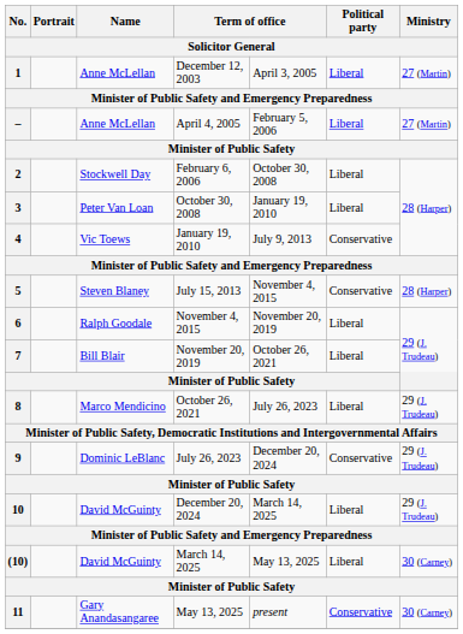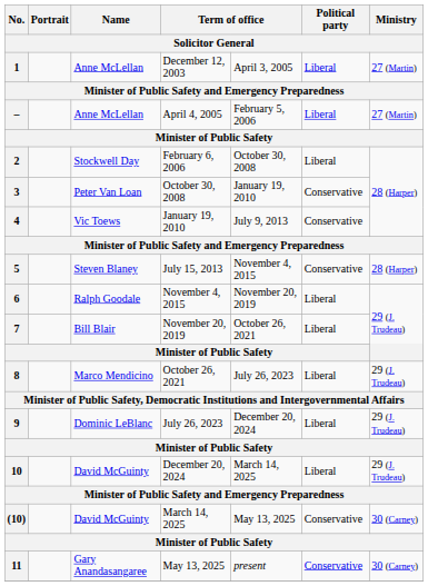 <table class="wikitable">
 <tr>
 <th>No.</th>
 <th>Portrait</th>
 <th>Name</th>
 <th colspan=2>Term of office</th>
 <th>Political party</th>
 <th>Ministry</th>
 </tr>
 <tr>
 <th colspan=7>Solicitor General</th>
 </tr>
 <tr>
 <th style="background:">1</th>
 <td></td>
 <td><a href='#'>Anne McLellan</a></td>
 <td>December 12, 2003</td>
 <td>April 3, 2005</td>
 <td><a href='#'>Liberal</a></td>
 <td><a href='#'>27</a> <small>(<a href='#'>Martin</a>)</small></td>
 </tr>
 <tr>
 <th colspan=7>Minister of Public Safety and Emergency Preparedness</th>
 </tr>
 <tr>
 <th style="background:">–</th>
 <td></td>
 <td><a href='#'>Anne McLellan</a></td>
 <td>April 4, 2005</td>
 <td>February 5, 2006</td>
 <td><a href='#'>Liberal</a></td>
 <td><a href='#'>27</a> <small>(<a href='#'>Martin</a>)</small></td>
 </tr>
 <tr>
 <th colspan=7>Minister of Public Safety</th>
 </tr>
 <tr>
 <th style="background:">2</th>
 <td></td>
 <td><a href='#'>Stockwell Day</a></td>
 <td>February 6, 2006</td>
 <td>October 30, 2008</td>
 <td>Liberal</td>
 <td rowspan=3><a href='#'>28</a> <small>(<a href='#'>Harper</a>)</small></td>
 </tr>
 <tr>
 <th style="background:">3</th>
 <td></td>
 <td><a href='#'>Peter Van Loan</a></td>
 <td>October 30, 2008</td>
 <td>January 19, 2010</td>
-<td>Liberal</td>
+<td>Conservative</td>
 </tr>
 <tr>
 <th style="background:">4</th>
 <td></td>
 <td><a href='#'>Vic Toews</a></td>
 <td>January 19, 2010</td>
 <td>July 9, 2013</td>
 <td>Conservative</td>
 </tr>
 <tr>
 <th colspan=7>Minister of Public Safety and Emergency Preparedness</th>
 </tr>
 <tr>
 <th style="background:">5</th>
 <td></td>
 <td><a href='#'>Steven Blaney</a></td>
 <td>July 15, 2013</td>
 <td>November 4, 2015</td>
 <td>Conservative</td>
 <td><a href='#'>28</a> <small>(<a href='#'>Harper</a>)</small></td>
 </tr>
 <tr>
 <th style="background:">6</th>
 <td></td>
 <td><a href='#'>Ralph Goodale</a></td>
 <td>November 4, 2015</td>
 <td>November 20, 2019</td>
 <td>Liberal</td>
 <td rowspan=3><a href='#'>29</a> <small>(<a href='#'>J. Trudeau</a>)</small></td>
 </tr>
 <tr>
 <th style="background:">7</th>
 <td></td>
 <td><a href='#'>Bill Blair</a></td>
 <td>November 20, 2019</td>
 <td>October 26, 2021</td>
 <td>Liberal</td>
 </tr>
 <tr>
 <th colspan="7">Minister of Public Safety</th>
 </tr>
 <tr>
 <th style="background:">8</th>
 <td></td>
 <td><a href='#'>Marco Mendicino</a></td>
 <td>October 26, 2021</td>
 <td>July 26, 2023</td>
 <td>Liberal</td>
 <td>29 <small>(<a href='#'>J. Trudeau</a>)</small></td>
 </tr>
 <tr>
 <th colspan=7>Minister of Public Safety, Democratic Institutions and Intergovernmental Affairs</th>
 </tr>
 <tr>
 <th style="background:">9</th>
 <td></td>
 <td><a href='#'>Dominic LeBlanc</a></td>
 <td>July 26, 2023</td>
 <td>December 20, 2024</td>
-<td>Conservative</td>
+<td>Liberal</td>
 <td>29 <small>(<a href='#'>J. Trudeau</a>)</small></td>
 </tr>
 <tr>
 <th colspan=7>Minister of Public Safety</th>
 </tr>
 <tr>
 <th style="background:">10</th>
 <td></td>
 <td><a href='#'>David McGuinty</a></td>
 <td>December 20, 2024</td>
 <td>March 14, 2025</td>
 <td>Liberal</td>
 <td>29 <small>(<a href='#'>J. Trudeau</a>)</small></td>
 </tr>
 <tr>
 <th colspan=7>Minister of Public Safety and Emergency Preparedness</th>
 </tr>
 <tr>
 <th style="background:">(10)</th>
 <td></td>
 <td><a href='#'>David McGuinty</a></td>
 <td>March 14, 2025</td>
 <td>May 13, 2025</td>
-<td>Liberal</td>
+<td>Conservative</td>
 <td><a href='#'>30</a> <small>(<a href='#'>Carney</a>)</small></td>
 </tr>
 <tr>
 <th colspan=7>Minister of Public Safety</th>
 </tr>
 <tr>
 <th style="background:">11</th>
 <td></td>
 <td><a href='#'>Gary Anandasangaree</a></td>
 <td>May 13, 2025</td>
 <td><em>present</em></td>
 <td><a href='#'>Conservative</a></td>
 <td><a href='#'>30</a> <small>(<a href='#'>Carney</a>)</small></td>
 </tr>
 <tr>
 </tr>
 </table>
